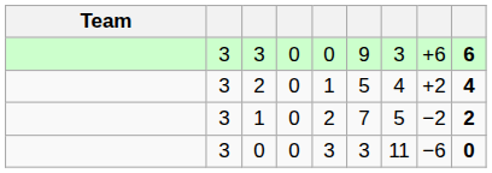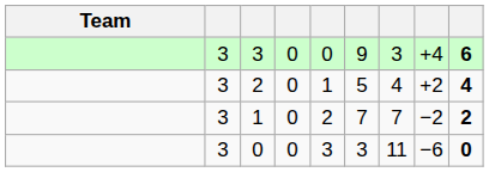 <table class="wikitable" style="text-align:center;">
 <tr>
 <th width=150>Team</th>
 <th width=20 abbr="Played"></th>
 <th width=20 abbr="Won"></th>
 <th width=20 abbr="Drawn"></th>
 <th width=20 abbr="Lost"></th>
 <th width=20 abbr="Goals for"></th>
 <th width=20 abbr="Goals against"></th>
 <th width=20 abbr="Goal difference"></th>
 <th width=20 abbr="Points"></th>
 </tr>
 <tr bgcolor="#ccffcc">
 <td align="left"></td>
 <td>3</td>
 <td>3</td>
 <td>0</td>
 <td>0</td>
 <td>9</td>
 <td>3</td>
-<td>+6</td>
+<td>+4</td>
 <td><strong>6</strong></td>
 </tr>
 <tr>
 <td align="left"></td>
 <td>3</td>
 <td>2</td>
 <td>0</td>
 <td>1</td>
 <td>5</td>
 <td>4</td>
 <td>+2</td>
 <td><strong>4</strong></td>
 </tr>
 <tr>
 <td align="left"></td>
 <td>3</td>
 <td>1</td>
 <td>0</td>
 <td>2</td>
 <td>7</td>
-<td>5</td>
+<td>7</td>
 <td>−2</td>
 <td><strong>2</strong></td>
 </tr>
 <tr>
 <td align="left"></td>
 <td>3</td>
 <td>0</td>
 <td>0</td>
 <td>3</td>
 <td>3</td>
 <td>11</td>
 <td>−6</td>
 <td><strong>0</strong></td>
 </tr>
 </table>
